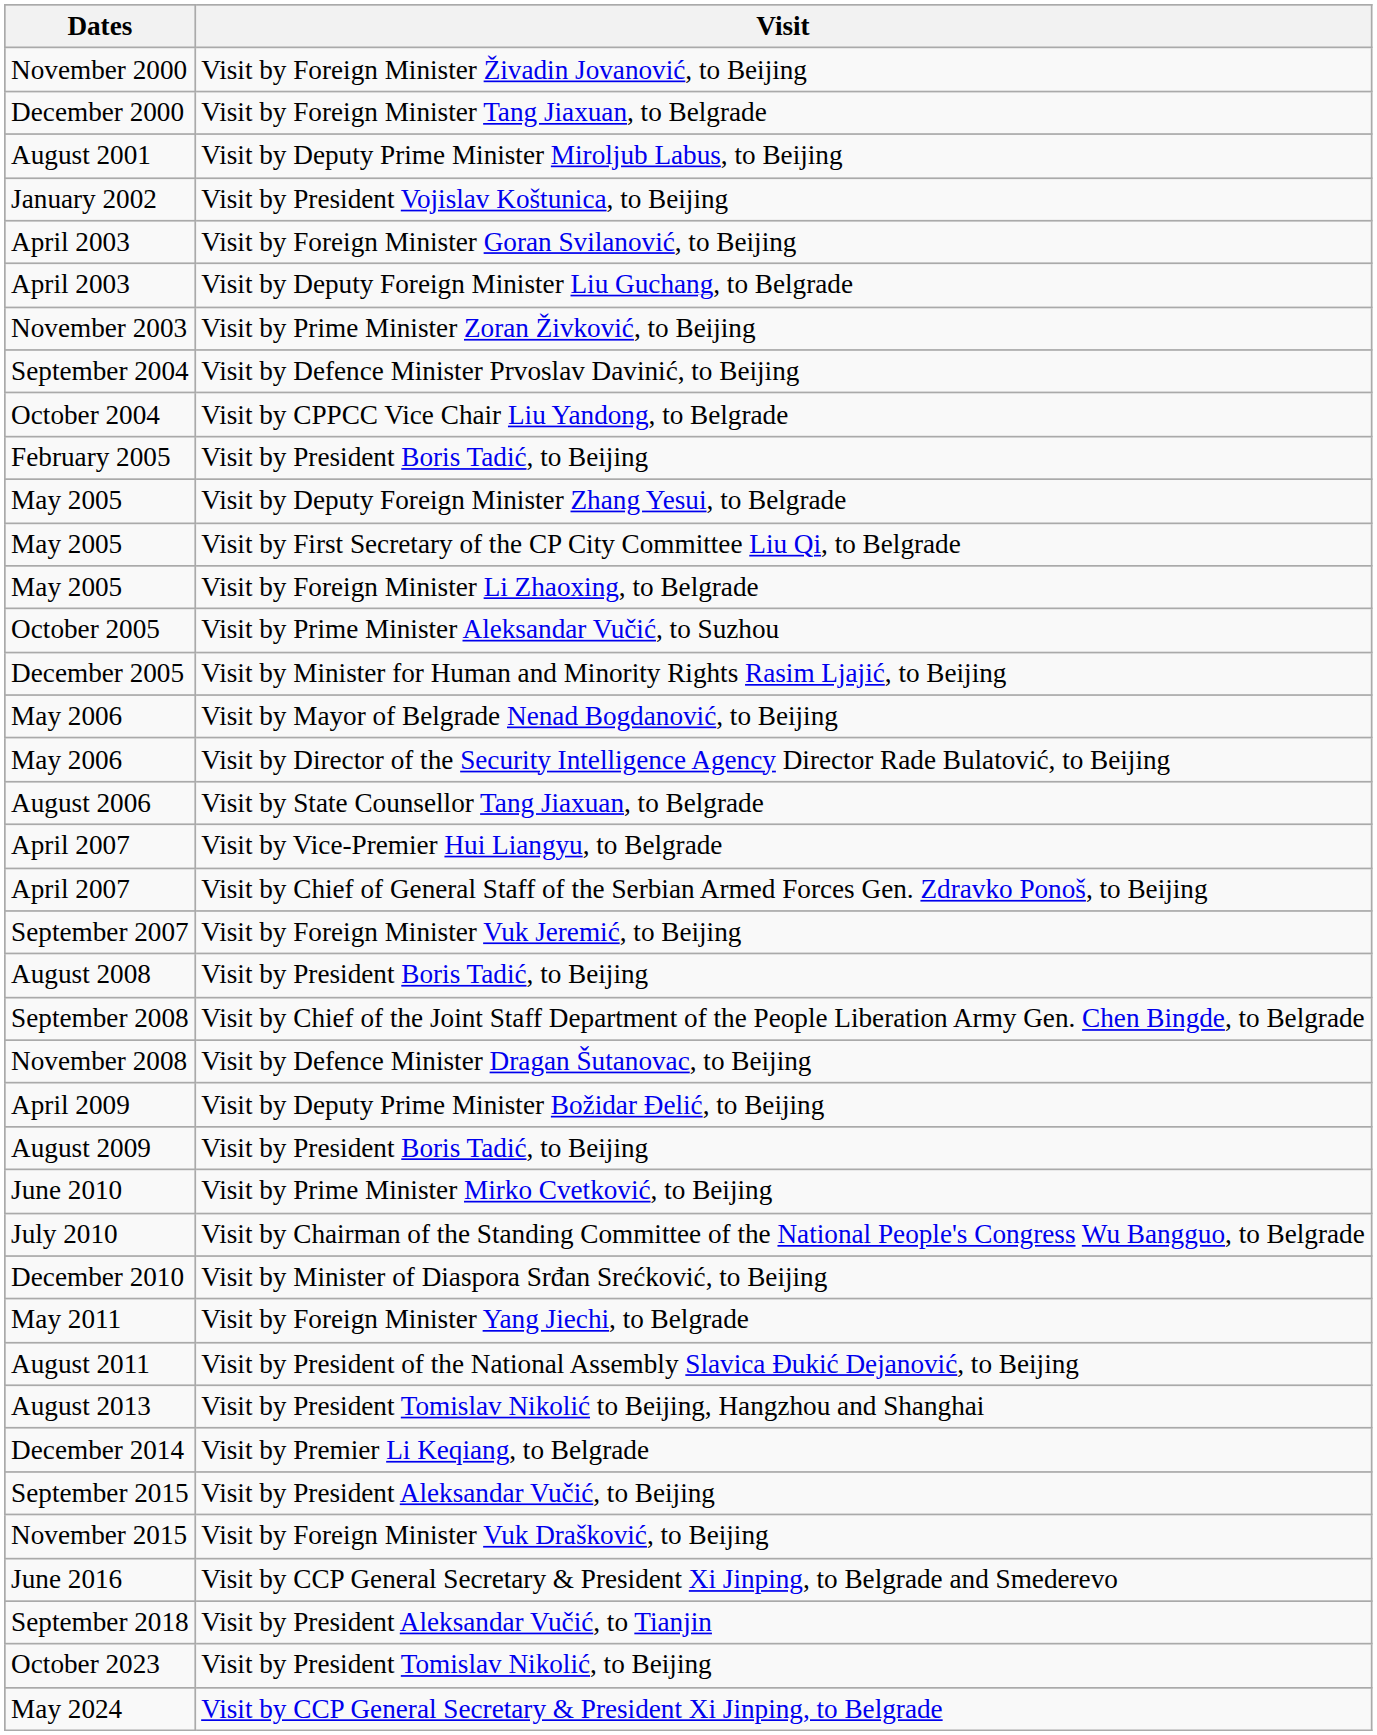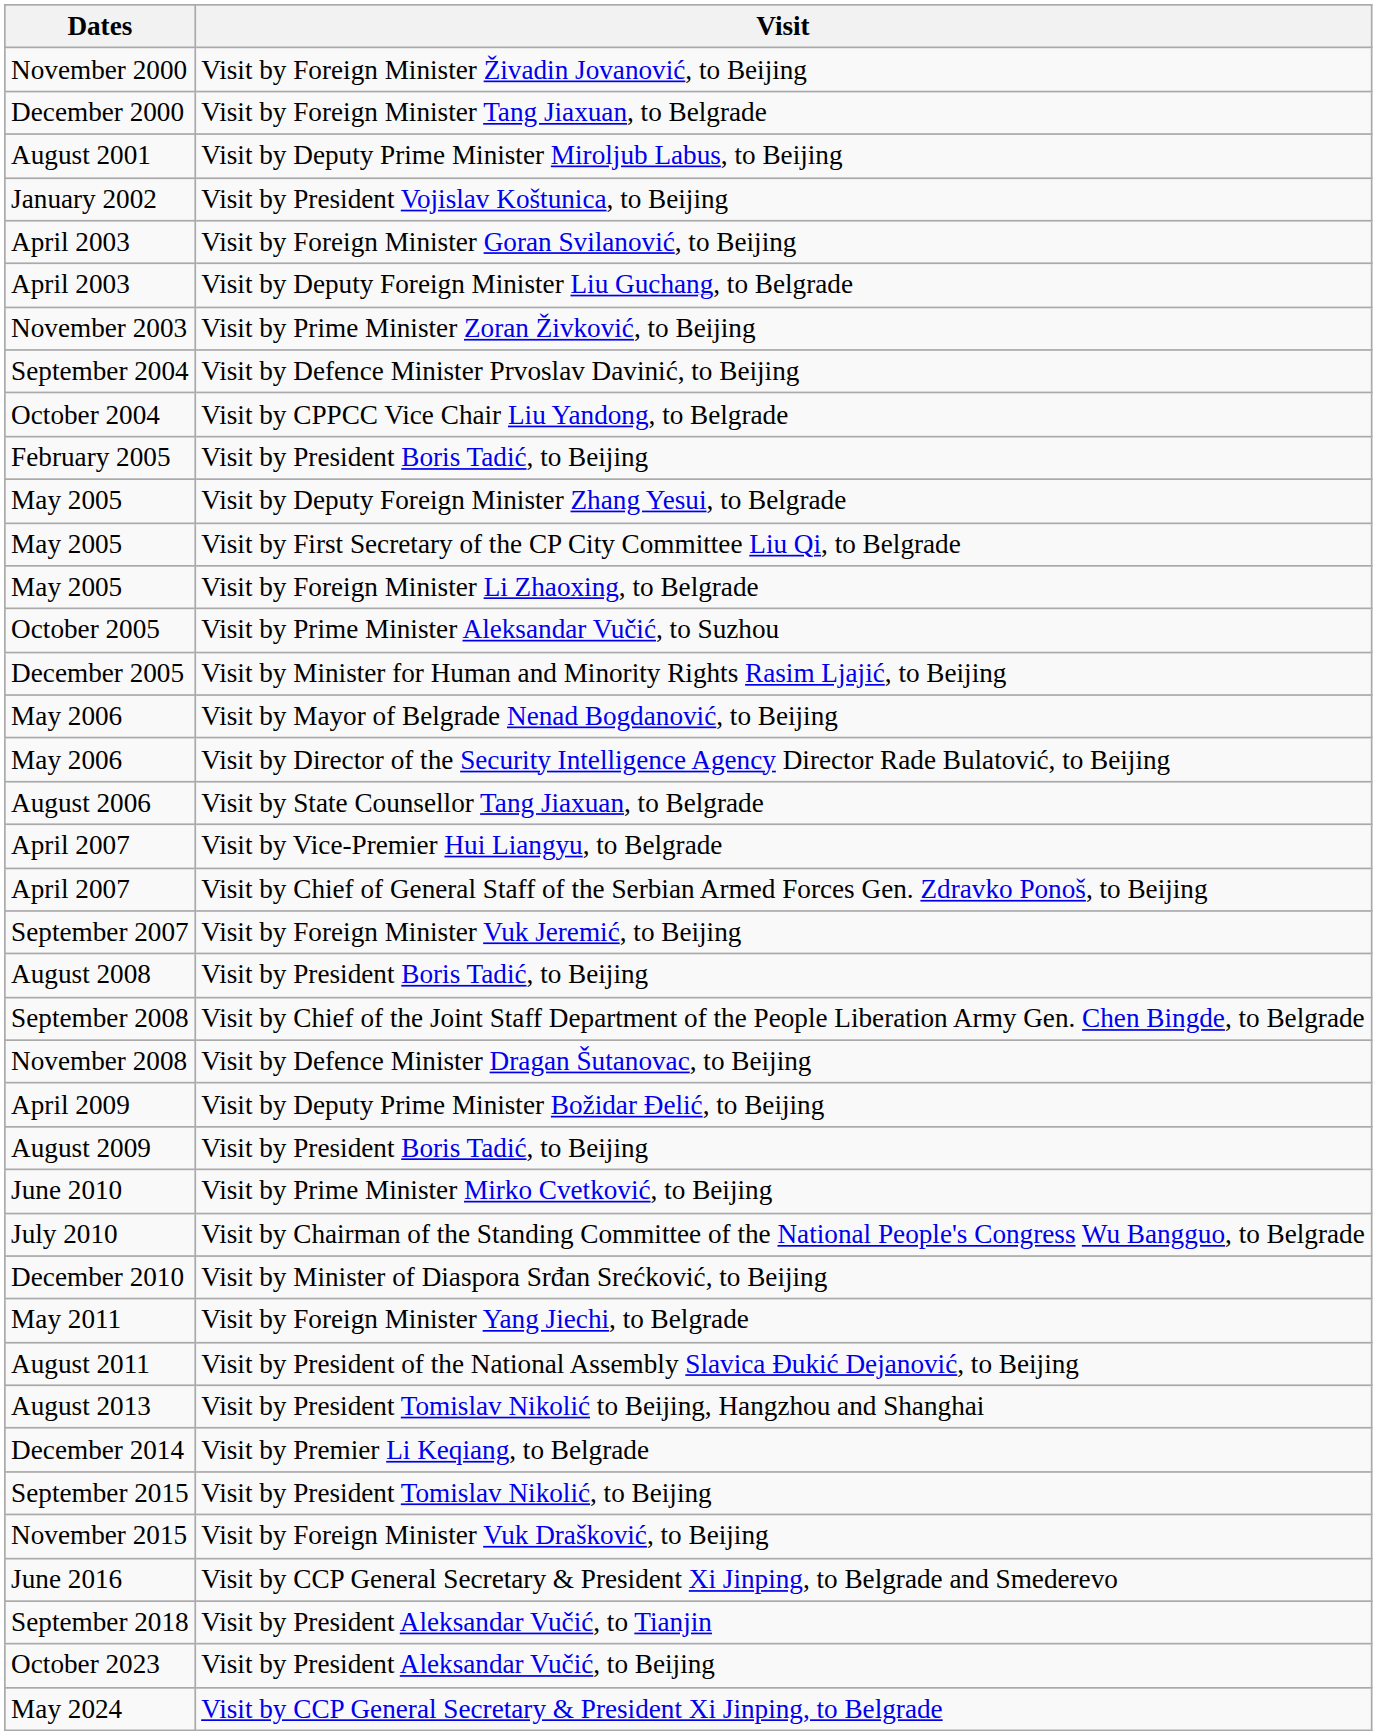 <table class=wikitable>
 <tr>
 <th>Dates</th>
 <th>Visit</th>
 </tr>
 <tr>
 <td>November 2000</td>
 <td>Visit by Foreign Minister <a href='#'>Živadin Jovanović</a>, to Beijing</td>
 </tr>
 <tr>
 <td>December 2000</td>
 <td>Visit by Foreign Minister <a href='#'>Tang Jiaxuan</a>, to Belgrade</td>
 </tr>
 <tr>
 <td>August 2001</td>
 <td>Visit by Deputy Prime Minister <a href='#'>Miroljub Labus</a>, to Beijing</td>
 </tr>
 <tr>
 <td>January 2002</td>
 <td>Visit by President <a href='#'>Vojislav Koštunica</a>, to Beijing</td>
 </tr>
 <tr>
 <td>April 2003</td>
 <td>Visit by Foreign Minister <a href='#'>Goran Svilanović</a>, to Beijing</td>
 </tr>
 <tr>
 <td>April 2003</td>
 <td>Visit by Deputy Foreign Minister <a href='#'>Liu Guchang</a>, to Belgrade</td>
 </tr>
 <tr>
 <td>November 2003</td>
 <td>Visit by Prime Minister <a href='#'>Zoran Živković</a>, to Beijing</td>
 </tr>
 <tr>
 <td>September 2004</td>
 <td>Visit by Defence Minister Prvoslav Davinić, to Beijing</td>
 </tr>
 <tr>
 <td>October 2004</td>
 <td>Visit by CPPCC Vice Chair <a href='#'>Liu Yandong</a>, to Belgrade</td>
 </tr>
 <tr>
 <td>February 2005</td>
 <td>Visit by President <a href='#'>Boris Tadić</a>, to Beijing</td>
 </tr>
 <tr>
 <td>May 2005</td>
 <td>Visit by Deputy Foreign Minister <a href='#'>Zhang Yesui</a>, to Belgrade</td>
 </tr>
 <tr>
 <td>May 2005</td>
 <td>Visit by First Secretary of the CP City Committee <a href='#'>Liu Qi</a>, to Belgrade</td>
 </tr>
 <tr>
 <td>May 2005</td>
 <td>Visit by Foreign Minister <a href='#'>Li Zhaoxing</a>, to Belgrade</td>
 </tr>
 <tr>
 <td>October 2005</td>
 <td>Visit by Prime Minister <a href='#'>Aleksandar Vučić</a>, to Suzhou</td>
 </tr>
 <tr>
 <td>December 2005</td>
 <td>Visit by Minister for Human and Minority Rights <a href='#'>Rasim Ljajić</a>, to Beijing</td>
 </tr>
 <tr>
 <td>May 2006</td>
 <td>Visit by Mayor of Belgrade <a href='#'>Nenad Bogdanović</a>, to Beijing</td>
 </tr>
 <tr>
 <td>May 2006</td>
 <td>Visit by Director of the <a href='#'>Security Intelligence Agency</a> Director Rade Bulatović, to Beijing</td>
 </tr>
 <tr>
 <td>August 2006</td>
 <td>Visit by State Counsellor <a href='#'>Tang Jiaxuan</a>, to Belgrade</td>
 </tr>
 <tr>
 <td>April 2007</td>
 <td>Visit by Vice-Premier <a href='#'>Hui Liangyu</a>, to Belgrade</td>
 </tr>
 <tr>
 <td>April 2007</td>
 <td>Visit by Chief of General Staff of the Serbian Armed Forces Gen. <a href='#'>Zdravko Ponoš</a>, to Beijing</td>
 </tr>
 <tr>
 <td>September 2007</td>
 <td>Visit by Foreign Minister <a href='#'>Vuk Jeremić</a>, to Beijing</td>
 </tr>
 <tr>
 <td>August 2008</td>
 <td>Visit by President <a href='#'>Boris Tadić</a>, to Beijing</td>
 </tr>
 <tr>
 <td>September 2008</td>
 <td>Visit by Chief of the Joint Staff Department of the People Liberation Army Gen. <a href='#'>Chen Bingde</a>, to Belgrade</td>
 </tr>
 <tr>
 <td>November 2008</td>
 <td>Visit by Defence Minister <a href='#'>Dragan Šutanovac</a>, to Beijing</td>
 </tr>
 <tr>
 <td>April 2009</td>
 <td>Visit by Deputy Prime Minister <a href='#'>Božidar Đelić</a>, to Beijing</td>
 </tr>
 <tr>
 <td>August 2009</td>
 <td>Visit by President <a href='#'>Boris Tadić</a>, to Beijing</td>
 </tr>
 <tr>
 <td>June 2010</td>
 <td>Visit by Prime Minister <a href='#'>Mirko Cvetković</a>, to Beijing</td>
 </tr>
 <tr>
 <td>July 2010</td>
 <td>Visit by Chairman of the Standing Committee of the <a href='#'>National People's Congress</a> <a href='#'>Wu Bangguo</a>, to Belgrade</td>
 </tr>
 <tr>
 <td>December 2010</td>
 <td>Visit by Minister of Diaspora Srđan Srećković, to Beijing</td>
 </tr>
 <tr>
 <td>May 2011</td>
 <td>Visit by Foreign Minister <a href='#'>Yang Jiechi</a>, to Belgrade</td>
 </tr>
 <tr>
 <td>August 2011</td>
 <td>Visit by President of the National Assembly <a href='#'>Slavica Đukić Dejanović</a>, to Beijing</td>
 </tr>
 <tr>
 <td>August 2013</td>
 <td>Visit by President <a href='#'>Tomislav Nikolić</a> to Beijing, Hangzhou and Shanghai</td>
 </tr>
 <tr>
 <td>December 2014</td>
 <td>Visit by Premier <a href='#'>Li Keqiang</a>, to Belgrade</td>
 </tr>
 <tr>
 <td>September 2015</td>
-<td>Visit by President <a href='#'>Aleksandar Vučić</a>, to Beijing</td>
+<td>Visit by President <a href='#'>Tomislav Nikolić</a>, to Beijing</td>
 </tr>
 <tr>
 <td>November 2015</td>
 <td>Visit by Foreign Minister <a href='#'>Vuk Drašković</a>, to Beijing</td>
 </tr>
 <tr>
 <td>June 2016</td>
 <td>Visit by CCP General Secretary & President <a href='#'>Xi Jinping</a>, to Belgrade and Smederevo</td>
 </tr>
 <tr>
 <td>September 2018</td>
 <td>Visit by President <a href='#'>Aleksandar Vučić</a>, to <a href='#'>Tianjin</a></td>
 </tr>
 <tr>
 <td>October 2023</td>
-<td>Visit by President <a href='#'>Tomislav Nikolić</a>, to Beijing</td>
+<td>Visit by President <a href='#'>Aleksandar Vučić</a>, to Beijing</td>
 </tr>
 <tr>
 <td>May 2024</td>
 <td><a href='#'>Visit by CCP General Secretary & President Xi Jinping, to Belgrade</a></td>
 </tr>
 </table>
